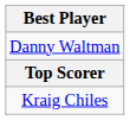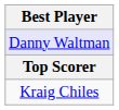 <table class="wikitable" style="margin:auto;text-align:center">
 <tr>
 <th>Best Player</th>
 </tr>
 <tr>
-<td> <a href='#'>Danny Waltman</a></td>
+<td style="background: lavender;"> <a href='#'>Danny Waltman</a></td>
 </tr>
 <tr>
 <th>Top Scorer</th>
 </tr>
 <tr>
 <td> <a href='#'>Kraig Chiles</a><br></td>
 </tr>
 </table>
